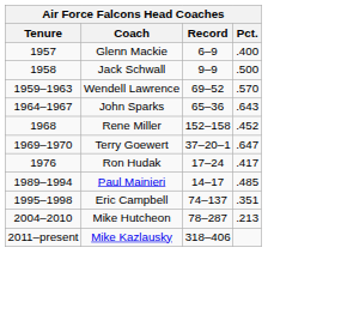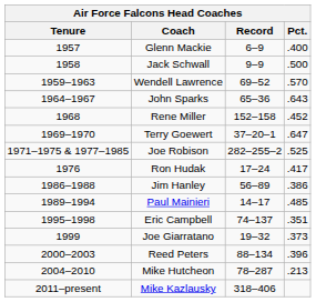 <table class="wikitable" style="text-align:center">
 <tr>
 <th colspan=4>Air Force Falcons Head Coaches</th>
 </tr>
 <tr>
 <th>Tenure</th>
 <th>Coach</th>
 <th>Record</th>
 <th>Pct.</th>
 </tr>
 <tr>
 <td>1957</td>
 <td>Glenn Mackie</td>
 <td>6–9</td>
 <td>.400</td>
 </tr>
 <tr>
 <td>1958</td>
 <td>Jack Schwall</td>
 <td>9–9</td>
 <td>.500</td>
 </tr>
 <tr>
 <td>1959–1963</td>
 <td>Wendell Lawrence</td>
 <td>69–52</td>
 <td>.570</td>
 </tr>
 <tr>
 <td>1964–1967</td>
 <td>John Sparks</td>
 <td>65–36</td>
 <td>.643</td>
 </tr>
 <tr>
 <td>1968</td>
 <td>Rene Miller</td>
 <td>152–158</td>
 <td>.452</td>
 </tr>
 <tr>
 <td>1969–1970</td>
 <td>Terry Goewert</td>
 <td>37–20–1</td>
 <td>.647</td>
 </tr>
 <tr>
+<td>1971–1975 & 1977–1985</td>
+<td>Joe Robison</td>
+<td>282–255–2</td>
+<td>.525</td>
+</tr>
+<tr>
 <td>1976</td>
 <td>Ron Hudak</td>
 <td>17–24</td>
 <td>.417</td>
+</tr>
+<tr>
+<td>1986–1988</td>
+<td>Jim Hanley</td>
+<td>56–89</td>
+<td>.386</td>
 </tr>
 <tr>
 <td>1989–1994</td>
 <td><a href='#'>Paul Mainieri</a></td>
 <td>14–17</td>
 <td>.485</td>
 </tr>
 <tr>
 <td>1995–1998</td>
 <td>Eric Campbell</td>
 <td>74–137</td>
 <td>.351</td>
 </tr>
 <tr>
+<td>1999</td>
+<td>Joe Giarratano</td>
+<td>19–32</td>
+<td>.373</td>
+</tr>
+<tr>
+<td>2000–2003</td>
+<td>Reed Peters</td>
+<td>88–134</td>
+<td>.396</td>
+</tr>
+<tr>
 <td>2004–2010</td>
 <td>Mike Hutcheon</td>
 <td>78–287</td>
 <td>.213</td>
 </tr>
 <tr>
 <td>2011–present</td>
 <td><a href='#'>Mike Kazlausky</a></td>
 <td>318–406</td>
 <td></td>
 </tr>
 </table>
